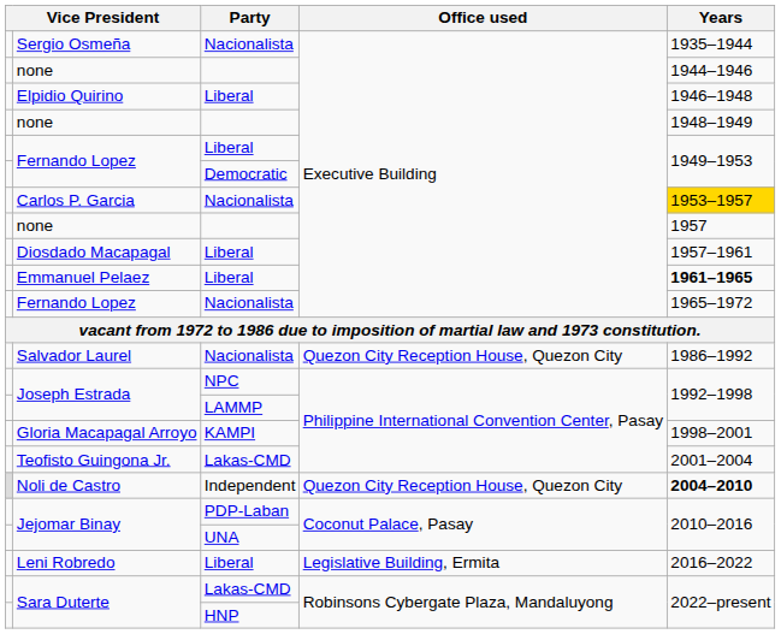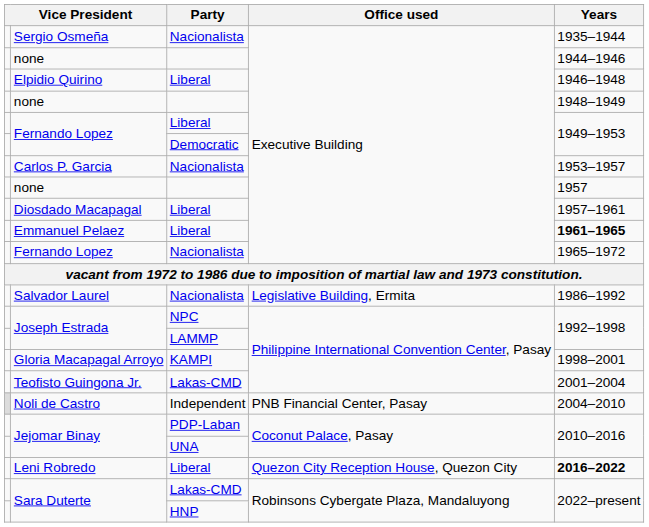 <table class="wikitable">
 <tr>
 <th colspan=2>Vice President</th>
 <th>Party</th>
 <th>Office used</th>
 <th>Years</th>
 </tr>
 <tr>
 <td style="background:"></td>
 <td><a href='#'>Sergio Osmeña</a></td>
 <td><a href='#'>Nacionalista</a></td>
 <td rowspan="11">Executive Building</td>
 <td>1935–1944</td>
 </tr>
 <tr>
 <td></td>
 <td>none</td>
 <td></td>
 <td>1944–1946</td>
 </tr>
 <tr>
 <td style="background:"></td>
 <td><a href='#'>Elpidio Quirino</a></td>
 <td><a href='#'>Liberal</a></td>
 <td>1946–1948</td>
 </tr>
 <tr>
 <td></td>
 <td>none</td>
 <td></td>
 <td>1948–1949</td>
 </tr>
 <tr>
 <td style="background:"></td>
 <td rowspan="2"><a href='#'>Fernando Lopez</a></td>
 <td><a href='#'>Liberal</a></td>
 <td rowspan="2">1949–1953</td>
 </tr>
 <tr>
 <td style="background:"></td>
 <td><a href='#'>Democratic</a></td>
 </tr>
 <tr>
 <td style="background:"></td>
 <td><a href='#'>Carlos P. Garcia</a></td>
 <td><a href='#'>Nacionalista</a></td>
-<td style="background: gold;">1953–1957</td>
+<td>1953–1957</td>
 </tr>
 <tr>
 <td></td>
 <td>none</td>
 <td></td>
 <td>1957</td>
 </tr>
 <tr>
 <td style="background:"></td>
 <td><a href='#'>Diosdado Macapagal</a></td>
 <td><a href='#'>Liberal</a></td>
 <td>1957–1961</td>
 </tr>
 <tr>
 <td style="background:"></td>
 <td><a href='#'>Emmanuel Pelaez</a></td>
 <td><a href='#'>Liberal</a></td>
 <td><strong>1961–1965</strong></td>
 </tr>
 <tr>
 <td style="background:"></td>
 <td><a href='#'>Fernando Lopez</a></td>
 <td><a href='#'>Nacionalista</a></td>
 <td>1965–1972</td>
 </tr>
 <tr>
 <th colspan="5"><em>vacant from 1972 to 1986 due to imposition of martial law and 1973 constitution.</em></th>
 </tr>
 <tr>
 <td style="background:"></td>
 <td><a href='#'>Salvador Laurel</a></td>
 <td><a href='#'>Nacionalista</a></td>
-<td><a href='#'>Quezon City Reception House</a>, Quezon City</td>
+<td><a href='#'>Legislative Building</a>, Ermita</td>
 <td>1986–1992</td>
 </tr>
 <tr>
 <td style="background:"></td>
 <td rowspan="2"><a href='#'>Joseph Estrada</a></td>
 <td><a href='#'>NPC</a></td>
 <td rowspan="4"><a href='#'>Philippine International Convention Center</a>, Pasay</td>
 <td rowspan="2">1992–1998</td>
 </tr>
 <tr>
 <td style="background:"></td>
 <td><a href='#'>LAMMP</a></td>
 </tr>
 <tr>
 <td style="background:"></td>
 <td><a href='#'>Gloria Macapagal Arroyo</a></td>
 <td><a href='#'>KAMPI</a></td>
 <td>1998–2001</td>
 </tr>
 <tr>
 <td style="background:"></td>
 <td><a href='#'>Teofisto Guingona Jr.</a></td>
 <td><a href='#'>Lakas-CMD</a></td>
 <td>2001–2004</td>
 </tr>
 <tr>
 <td style="background:#DCDCDC;"></td>
 <td><a href='#'>Noli de Castro</a></td>
 <td>Independent</td>
-<td><a href='#'>Quezon City Reception House</a>, Quezon City</td>
-<td><strong>2004–2010</strong></td>
+<td>PNB Financial Center, Pasay</td>
+<td>2004–2010</td>
 </tr>
 <tr>
 <td style="background:"></td>
 <td rowspan="2"><a href='#'>Jejomar Binay</a></td>
 <td><a href='#'>PDP-Laban</a></td>
 <td rowspan="2"><a href='#'>Coconut Palace</a>, Pasay</td>
 <td rowspan="2">2010–2016</td>
 </tr>
 <tr>
 <td style="background:"></td>
 <td><a href='#'>UNA</a></td>
 </tr>
 <tr>
 <td style="background:"></td>
 <td><a href='#'>Leni Robredo</a></td>
 <td><a href='#'>Liberal</a></td>
-<td><a href='#'>Legislative Building</a>, Ermita</td>
-<td>2016–2022</td>
+<td><a href='#'>Quezon City Reception House</a>, Quezon City</td>
+<td><strong>2016–2022</strong></td>
 </tr>
 <tr>
 <td style="background:"></td>
 <td rowspan="2"><a href='#'>Sara Duterte</a></td>
 <td><a href='#'>Lakas-CMD</a></td>
 <td rowspan="2">Robinsons Cybergate Plaza, Mandaluyong</td>
 <td rowspan="2">2022–present</td>
 </tr>
 <tr>
 <td style="background:"></td>
 <td><a href='#'>HNP</a></td>
 </tr>
 </table>
